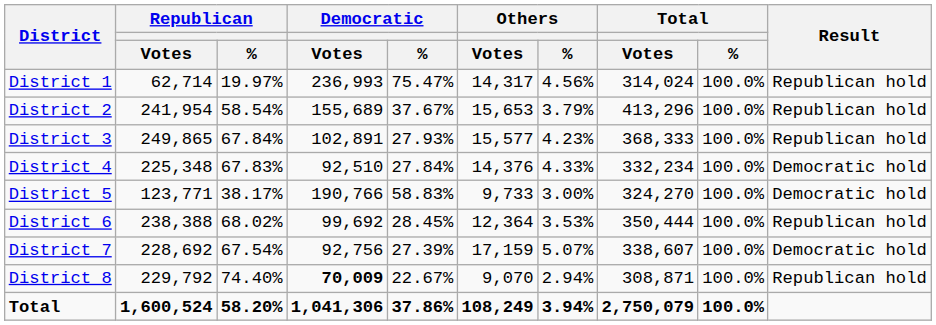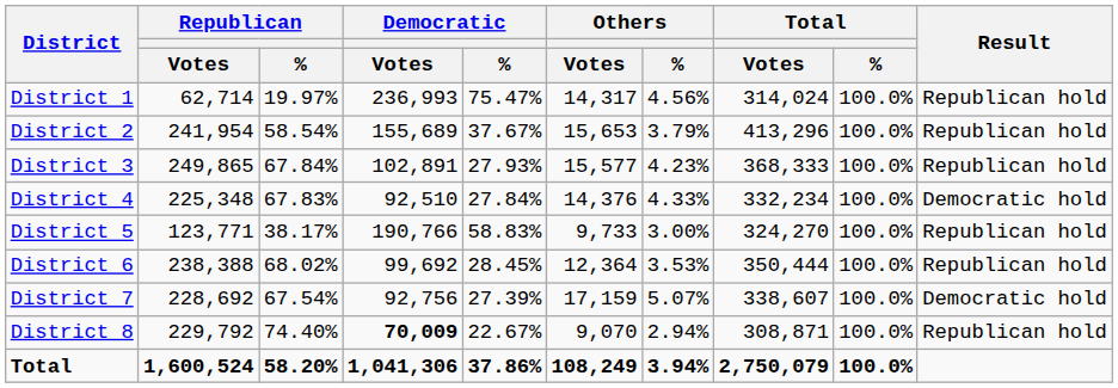 <table class="wikitable plainrowheaders sortable" style="font-size:100%; text-align:right;">
 <tr>
 <th scope=col rowspan=3><a href='#'>District</a></th>
 <th scope=col colspan=2><a href='#'>Republican</a></th>
 <th scope=col colspan=2><a href='#'>Democratic</a></th>
 <th scope=col colspan=2>Others</th>
 <th scope=col colspan=2>Total</th>
 <th scope=col rowspan=3>Result</th>
 </tr>
 <tr>
 <th scope=col colspan=2 style="background:"></th>
 <th scope=col colspan=2 style="background:"></th>
 <th scope=col colspan=2></th>
 <th scope=col colspan=2></th>
 </tr>
 <tr>
 <th scope=col data-sort-type="number">Votes</th>
 <th scope=col data-sort-type="number">%</th>
 <th scope=col data-sort-type="number">Votes</th>
 <th scope=col data-sort-type="number">%</th>
 <th scope=col data-sort-type="number">Votes</th>
 <th scope=col data-sort-type="number">%</th>
 <th scope=col data-sort-type="number">Votes</th>
 <th scope=col data-sort-type="number">%</th>
 </tr>
 <tr>
 <td align=left><a href='#'>District 1</a></td>
 <td>62,714</td>
 <td>19.97%</td>
 <td>236,993</td>
 <td>75.47%</td>
 <td>14,317</td>
 <td>4.56%</td>
 <td>314,024</td>
 <td>100.0%</td>
 <td align=left>Republican hold</td>
 </tr>
 <tr>
 <td align=left><a href='#'>District 2</a></td>
 <td>241,954</td>
 <td>58.54%</td>
 <td>155,689</td>
 <td>37.67%</td>
 <td>15,653</td>
 <td>3.79%</td>
 <td>413,296</td>
 <td>100.0%</td>
 <td align=left>Republican hold</td>
 </tr>
 <tr>
 <td align=left><a href='#'>District 3</a></td>
 <td>249,865</td>
 <td>67.84%</td>
 <td>102,891</td>
 <td>27.93%</td>
 <td>15,577</td>
 <td>4.23%</td>
 <td>368,333</td>
 <td>100.0%</td>
 <td align=left>Republican hold</td>
 </tr>
 <tr>
 <td align=left><a href='#'>District 4</a></td>
 <td>225,348</td>
 <td>67.83%</td>
 <td>92,510</td>
 <td>27.84%</td>
 <td>14,376</td>
 <td>4.33%</td>
 <td>332,234</td>
 <td>100.0%</td>
 <td align=left>Democratic hold</td>
 </tr>
 <tr>
 <td align=left><a href='#'>District 5</a></td>
 <td>123,771</td>
 <td>38.17%</td>
 <td>190,766</td>
 <td>58.83%</td>
 <td>9,733</td>
 <td>3.00%</td>
 <td>324,270</td>
 <td>100.0%</td>
-<td align=left>Democratic hold</td>
+<td align=left>Republican hold</td>
 </tr>
 <tr>
 <td align=left><a href='#'>District 6</a></td>
 <td>238,388</td>
 <td>68.02%</td>
 <td>99,692</td>
 <td>28.45%</td>
 <td>12,364</td>
 <td>3.53%</td>
 <td>350,444</td>
 <td>100.0%</td>
 <td align=left>Republican hold</td>
 </tr>
 <tr>
 <td align=left><a href='#'>District 7</a></td>
 <td>228,692</td>
 <td>67.54%</td>
 <td>92,756</td>
 <td>27.39%</td>
 <td>17,159</td>
 <td>5.07%</td>
 <td>338,607</td>
 <td>100.0%</td>
 <td align=left>Democratic hold</td>
 </tr>
 <tr>
 <td align=left><a href='#'>District 8</a></td>
 <td>229,792</td>
 <td>74.40%</td>
 <td><strong>70,009</strong></td>
 <td>22.67%</td>
 <td>9,070</td>
 <td>2.94%</td>
 <td>308,871</td>
 <td>100.0%</td>
 <td align=left>Republican hold</td>
 </tr>
 <tr class="sortbottom" style="font-weight:bold">
 <td align=left>Total</td>
 <td>1,600,524</td>
 <td>58.20%</td>
 <td>1,041,306</td>
 <td>37.86%</td>
 <td>108,249</td>
 <td>3.94%</td>
 <td>2,750,079</td>
 <td>100.0%</td>
 <td></td>
 </tr>
 </table>
